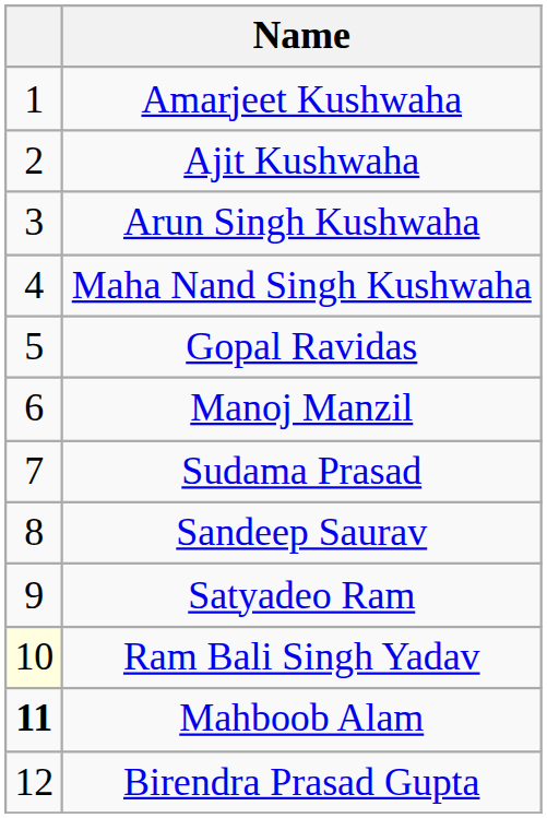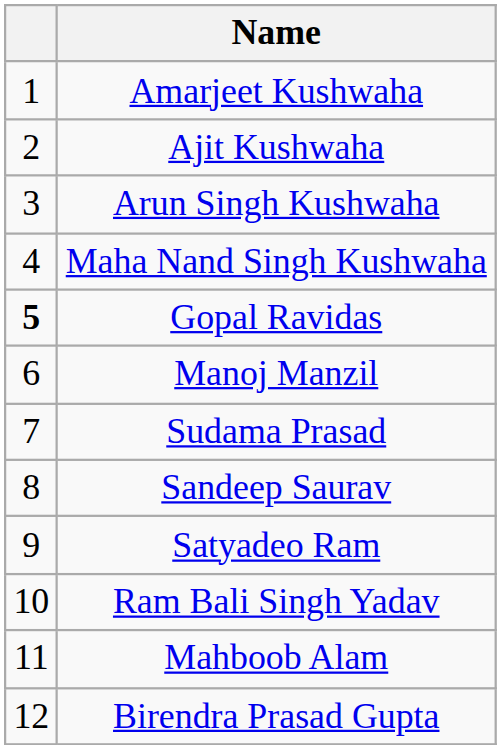 <table class="wikitable" style="text-align:center">
 <tr>
 <th Style="background-color:"></th>
 <th Style="background-color:">Name</th>
 </tr>
 <tr>
 <td>1</td>
 <td><a href='#'>Amarjeet Kushwaha</a></td>
 </tr>
 <tr>
 <td>2</td>
 <td><a href='#'>Ajit Kushwaha</a></td>
 </tr>
 <tr>
 <td>3</td>
 <td><a href='#'>Arun Singh Kushwaha</a></td>
 </tr>
 <tr>
 <td>4</td>
 <td><a href='#'>Maha Nand Singh Kushwaha</a></td>
 </tr>
 <tr>
-<td>5</td>
+<td><strong>5</strong></td>
 <td><a href='#'>Gopal Ravidas</a></td>
 </tr>
 <tr>
 <td>6</td>
 <td><a href='#'>Manoj Manzil</a></td>
 </tr>
 <tr>
 <td>7</td>
 <td><a href='#'>Sudama Prasad</a></td>
 </tr>
 <tr>
 <td>8</td>
 <td><a href='#'>Sandeep Saurav</a></td>
 </tr>
 <tr>
 <td>9</td>
 <td><a href='#'>Satyadeo Ram</a></td>
 </tr>
 <tr>
-<td style="background: lightyellow;">10</td>
+<td>10</td>
 <td><a href='#'>Ram Bali Singh Yadav</a></td>
 </tr>
 <tr>
-<td><strong>11</strong></td>
+<td>11</td>
 <td><a href='#'>Mahboob Alam</a></td>
 </tr>
 <tr>
 <td>12</td>
 <td><a href='#'>Birendra Prasad Gupta</a></td>
 </tr>
 </table>
